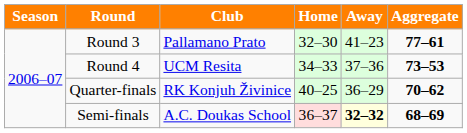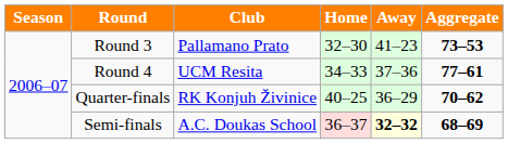 <table class="wikitable">
 <tr>
 <th style="color:#FFFFFF; background:#FF8000">Season</th>
 <th style="color:#FFFFFF; background:#FF8000">Round</th>
 <th style="color:#FFFFFF; background:#FF8000">Club</th>
 <th style="color:#FFFFFF; background:#FF8000">Home</th>
 <th style="color:#FFFFFF; background:#FF8000">Away</th>
 <th style="color:#FFFFFF; background:#FF8000">Aggregate</th>
 </tr>
 <tr>
 <td rowspan=5><a href='#'>2006–07</a></td>
 <td align=center>Round 3</td>
 <td> <a href='#'>Pallamano Prato</a></td>
 <td style="text-align:center; background:#dfd;">32–30</td>
 <td style="text-align:center; background:#dfd;">41–23</td>
-<td style="text-align:center;"><strong>77–61</strong></td>
+<td style="text-align:center;"><strong>73–53</strong></td>
 </tr>
 <tr>
 <td align=center>Round 4</td>
 <td> <a href='#'>UCM Resita</a></td>
 <td style="text-align:center; background:#dfd;">34–33</td>
 <td style="text-align:center; background:#dfd;">37–36</td>
-<td style="text-align:center;"><strong>73–53</strong></td>
+<td style="text-align:center;"><strong>77–61</strong></td>
 </tr>
 <tr>
 <td align=center>Quarter-finals</td>
 <td> <a href='#'>RK Konjuh Živinice</a></td>
 <td style="text-align:center; background:#dfd;">40–25</td>
 <td style="text-align:center; background:#dfd;">36–29</td>
 <td style="text-align:center;"><strong>70–62</strong></td>
 </tr>
 <tr>
 <td align=center>Semi-finals</td>
 <td> <a href='#'>A.C. Doukas School</a></td>
 <td style="text-align:center; background:#fdd;">36–37</td>
 <td style="text-align:center; background:#ffd;"><strong>32–32</strong></td>
 <td style="text-align:center;"><strong>68–69</strong></td>
 </tr>
 </table>
